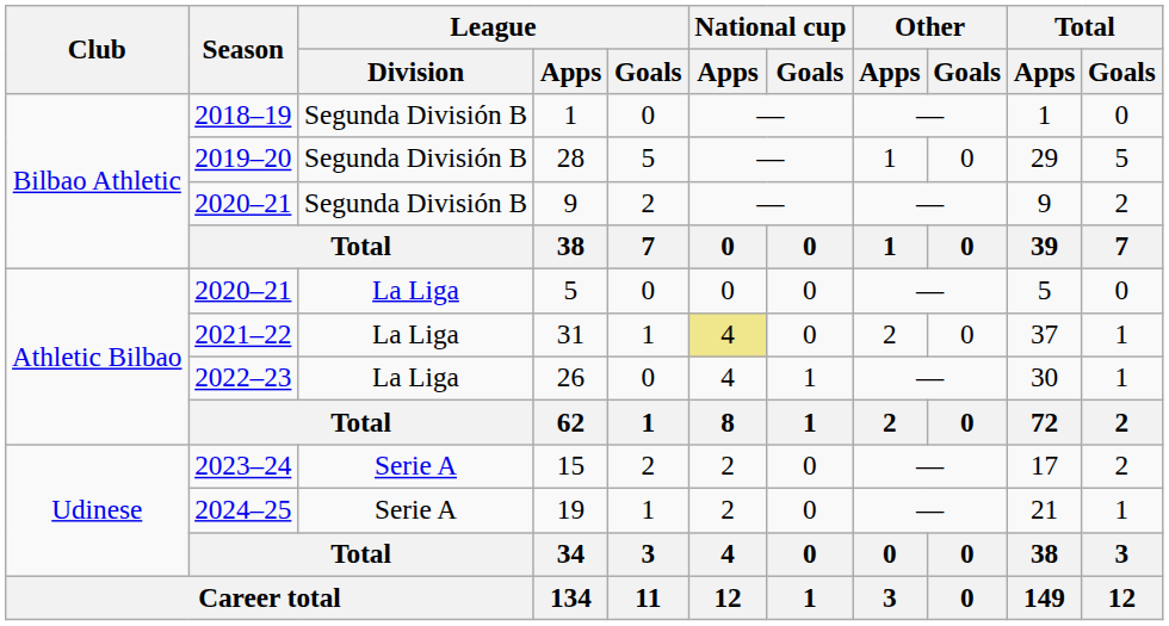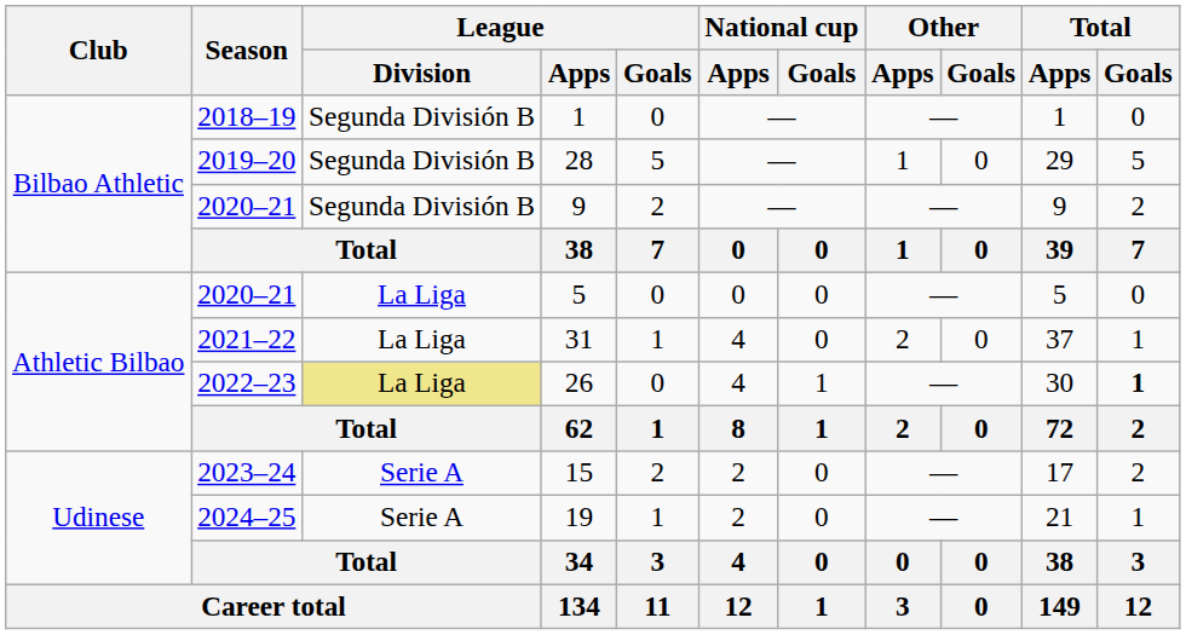 <table class="wikitable" style="text-align:center">
 <tr>
 <th rowspan="2">Club</th>
 <th rowspan="2">Season</th>
 <th colspan="3">League</th>
 <th colspan="2">National cup</th>
 <th colspan="2">Other</th>
 <th colspan="2">Total</th>
 </tr>
 <tr>
 <th>Division</th>
 <th>Apps</th>
 <th>Goals</th>
 <th>Apps</th>
 <th>Goals</th>
 <th>Apps</th>
 <th>Goals</th>
 <th>Apps</th>
 <th>Goals</th>
 </tr>
 <tr>
 <td rowspan="4"><a href='#'>Bilbao Athletic</a></td>
 <td><a href='#'>2018–19</a></td>
 <td>Segunda División B</td>
 <td>1</td>
 <td>0</td>
 <td colspan="2">—</td>
 <td colspan="2">—</td>
 <td>1</td>
 <td>0</td>
 </tr>
 <tr>
 <td><a href='#'>2019–20</a></td>
 <td>Segunda División B</td>
 <td>28</td>
 <td>5</td>
 <td colspan="2">—</td>
 <td>1</td>
 <td>0</td>
 <td>29</td>
 <td>5</td>
 </tr>
 <tr>
 <td><a href='#'>2020–21</a></td>
 <td>Segunda División B</td>
 <td>9</td>
 <td>2</td>
 <td colspan="2">—</td>
 <td colspan="2">—</td>
 <td>9</td>
 <td>2</td>
 </tr>
 <tr>
 <th colspan="2">Total</th>
 <th>38</th>
 <th>7</th>
 <th>0</th>
 <th>0</th>
 <th>1</th>
 <th>0</th>
 <th>39</th>
 <th>7</th>
 </tr>
 <tr>
 <td rowspan="4"><a href='#'>Athletic Bilbao</a></td>
 <td><a href='#'>2020–21</a></td>
 <td><a href='#'>La Liga</a></td>
 <td>5</td>
 <td>0</td>
 <td>0</td>
 <td>0</td>
 <td colspan="2">—</td>
 <td>5</td>
 <td>0</td>
 </tr>
 <tr>
 <td><a href='#'>2021–22</a></td>
 <td>La Liga</td>
 <td>31</td>
 <td>1</td>
-<td style="background: khaki;">4</td>
+<td>4</td>
 <td>0</td>
 <td>2</td>
 <td>0</td>
 <td>37</td>
 <td>1</td>
 </tr>
 <tr>
 <td><a href='#'>2022–23</a></td>
-<td>La Liga</td>
+<td style="background: khaki;">La Liga</td>
 <td>26</td>
 <td>0</td>
 <td>4</td>
 <td>1</td>
 <td colspan="2">—</td>
 <td>30</td>
-<td>1</td>
+<td><strong>1</strong></td>
 </tr>
 <tr>
 <th colspan="2">Total</th>
 <th>62</th>
 <th>1</th>
 <th>8</th>
 <th>1</th>
 <th>2</th>
 <th>0</th>
 <th>72</th>
 <th>2</th>
 </tr>
 <tr>
 <td rowspan="3"><a href='#'>Udinese</a></td>
 <td><a href='#'>2023–24</a></td>
 <td><a href='#'>Serie A</a></td>
 <td>15</td>
 <td>2</td>
 <td>2</td>
 <td>0</td>
 <td colspan="2">—</td>
 <td>17</td>
 <td>2</td>
 </tr>
 <tr>
 <td><a href='#'>2024–25</a></td>
 <td>Serie A</td>
 <td>19</td>
 <td>1</td>
 <td>2</td>
 <td>0</td>
 <td colspan="2">—</td>
 <td>21</td>
 <td>1</td>
 </tr>
 <tr>
 <th colspan="2">Total</th>
 <th>34</th>
 <th>3</th>
 <th>4</th>
 <th>0</th>
 <th>0</th>
 <th>0</th>
 <th>38</th>
 <th>3</th>
 </tr>
 <tr>
 <th colspan="3">Career total</th>
 <th>134</th>
 <th>11</th>
 <th>12</th>
 <th>1</th>
 <th>3</th>
 <th>0</th>
 <th>149</th>
 <th>12</th>
 </tr>
 </table>
